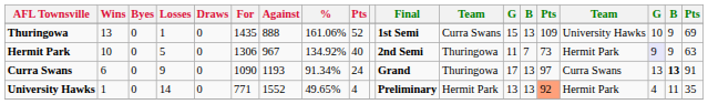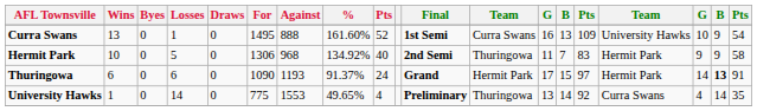 <table class="wikitable" style="font-size: 85%; text-align: left">
 <tr>
 <th style="color:crimson">AFL Townsville</th>
 <th style="color:crimson">Wins</th>
 <th style="color:crimson">Byes</th>
 <th style="color:crimson">Losses</th>
 <th style="color:crimson">Draws</th>
 <th style="color:crimson">For</th>
 <th style="color:crimson">Against</th>
 <th style="color:crimson">%</th>
 <th style="color:crimson">Pts</th>
 <th></th>
 <th style="color:green">Final</th>
 <th style="color:green">Team</th>
 <th style="color:green">G</th>
 <th style="color:green">B</th>
 <th style="color:green">Pts</th>
 <th style="color:green">Team</th>
 <th style="color:green">G</th>
 <th style="color:green">B</th>
 <th style="color:green">Pts</th>
 </tr>
 <tr>
 </tr>
 <tr>
 </tr>
 <tr>
-<td><strong>	Thuringowa	</strong></td>
+<td><strong>	Curra Swans	</strong></td>
 <td>13</td>
 <td>0</td>
 <td>1</td>
 <td>0</td>
-<td>1435</td>
+<td>1495</td>
 <td>888</td>
-<td>161.06%</td>
+<td>161.60%</td>
 <td>52</td>
 <td></td>
 <td><strong>1st Semi</strong></td>
 <td>Curra Swans</td>
-<td>15</td>
+<td>16</td>
 <td>13</td>
 <td>109</td>
 <td>University Hawks</td>
 <td>10</td>
 <td>9</td>
-<td>69</td>
+<td>54</td>
 </tr>
 <tr>
 <td><strong>	Hermit Park	</strong></td>
 <td>10</td>
 <td>0</td>
 <td>5</td>
 <td>0</td>
 <td>1306</td>
-<td>967</td>
+<td>968</td>
 <td>134.92%</td>
 <td>40</td>
 <td></td>
 <td><strong>2nd Semi</strong></td>
 <td>Thuringowa</td>
 <td>11</td>
 <td>7</td>
-<td>73</td>
+<td>83</td>
 <td>Hermit Park</td>
-<td style="background: lavender;">9</td>
 <td>9</td>
-<td>63</td>
+<td>9</td>
+<td>58</td>
 </tr>
 <tr>
-<td><strong>	Curra Swans	</strong></td>
+<td><strong>	Thuringowa	</strong></td>
 <td>6</td>
 <td>0</td>
-<td>9</td>
+<td>6</td>
 <td>0</td>
 <td>1090</td>
 <td>1193</td>
-<td>91.34%</td>
+<td>91.37%</td>
 <td>24</td>
 <td></td>
 <td><strong>Grand</strong></td>
-<td>Thuringowa</td>
+<td>Hermit Park</td>
 <td>17</td>
-<td>13</td>
+<td>15</td>
 <td>97</td>
-<td>Curra Swans</td>
-<td>13</td>
+<td>Hermit Park</td>
+<td>14</td>
 <td><strong>13</strong></td>
 <td>91</td>
 </tr>
 <tr>
 <td><strong>	University Hawks	</strong></td>
 <td>1</td>
 <td>0</td>
 <td>14</td>
 <td>0</td>
-<td>771</td>
-<td>1552</td>
+<td>775</td>
+<td>1553</td>
 <td>49.65%</td>
 <td>4</td>
 <td></td>
 <td><strong>Preliminary</strong></td>
-<td>Hermit Park</td>
+<td>Thuringowa</td>
 <td>13</td>
-<td>13</td>
-<td style="background: lightsalmon;">92</td>
-<td>Hermit Park</td>
+<td>14</td>
+<td>92</td>
+<td>Curra Swans</td>
 <td>4</td>
-<td>11</td>
+<td>14</td>
 <td>35</td>
 </tr>
 <tr>
 </tr>
 </table>
